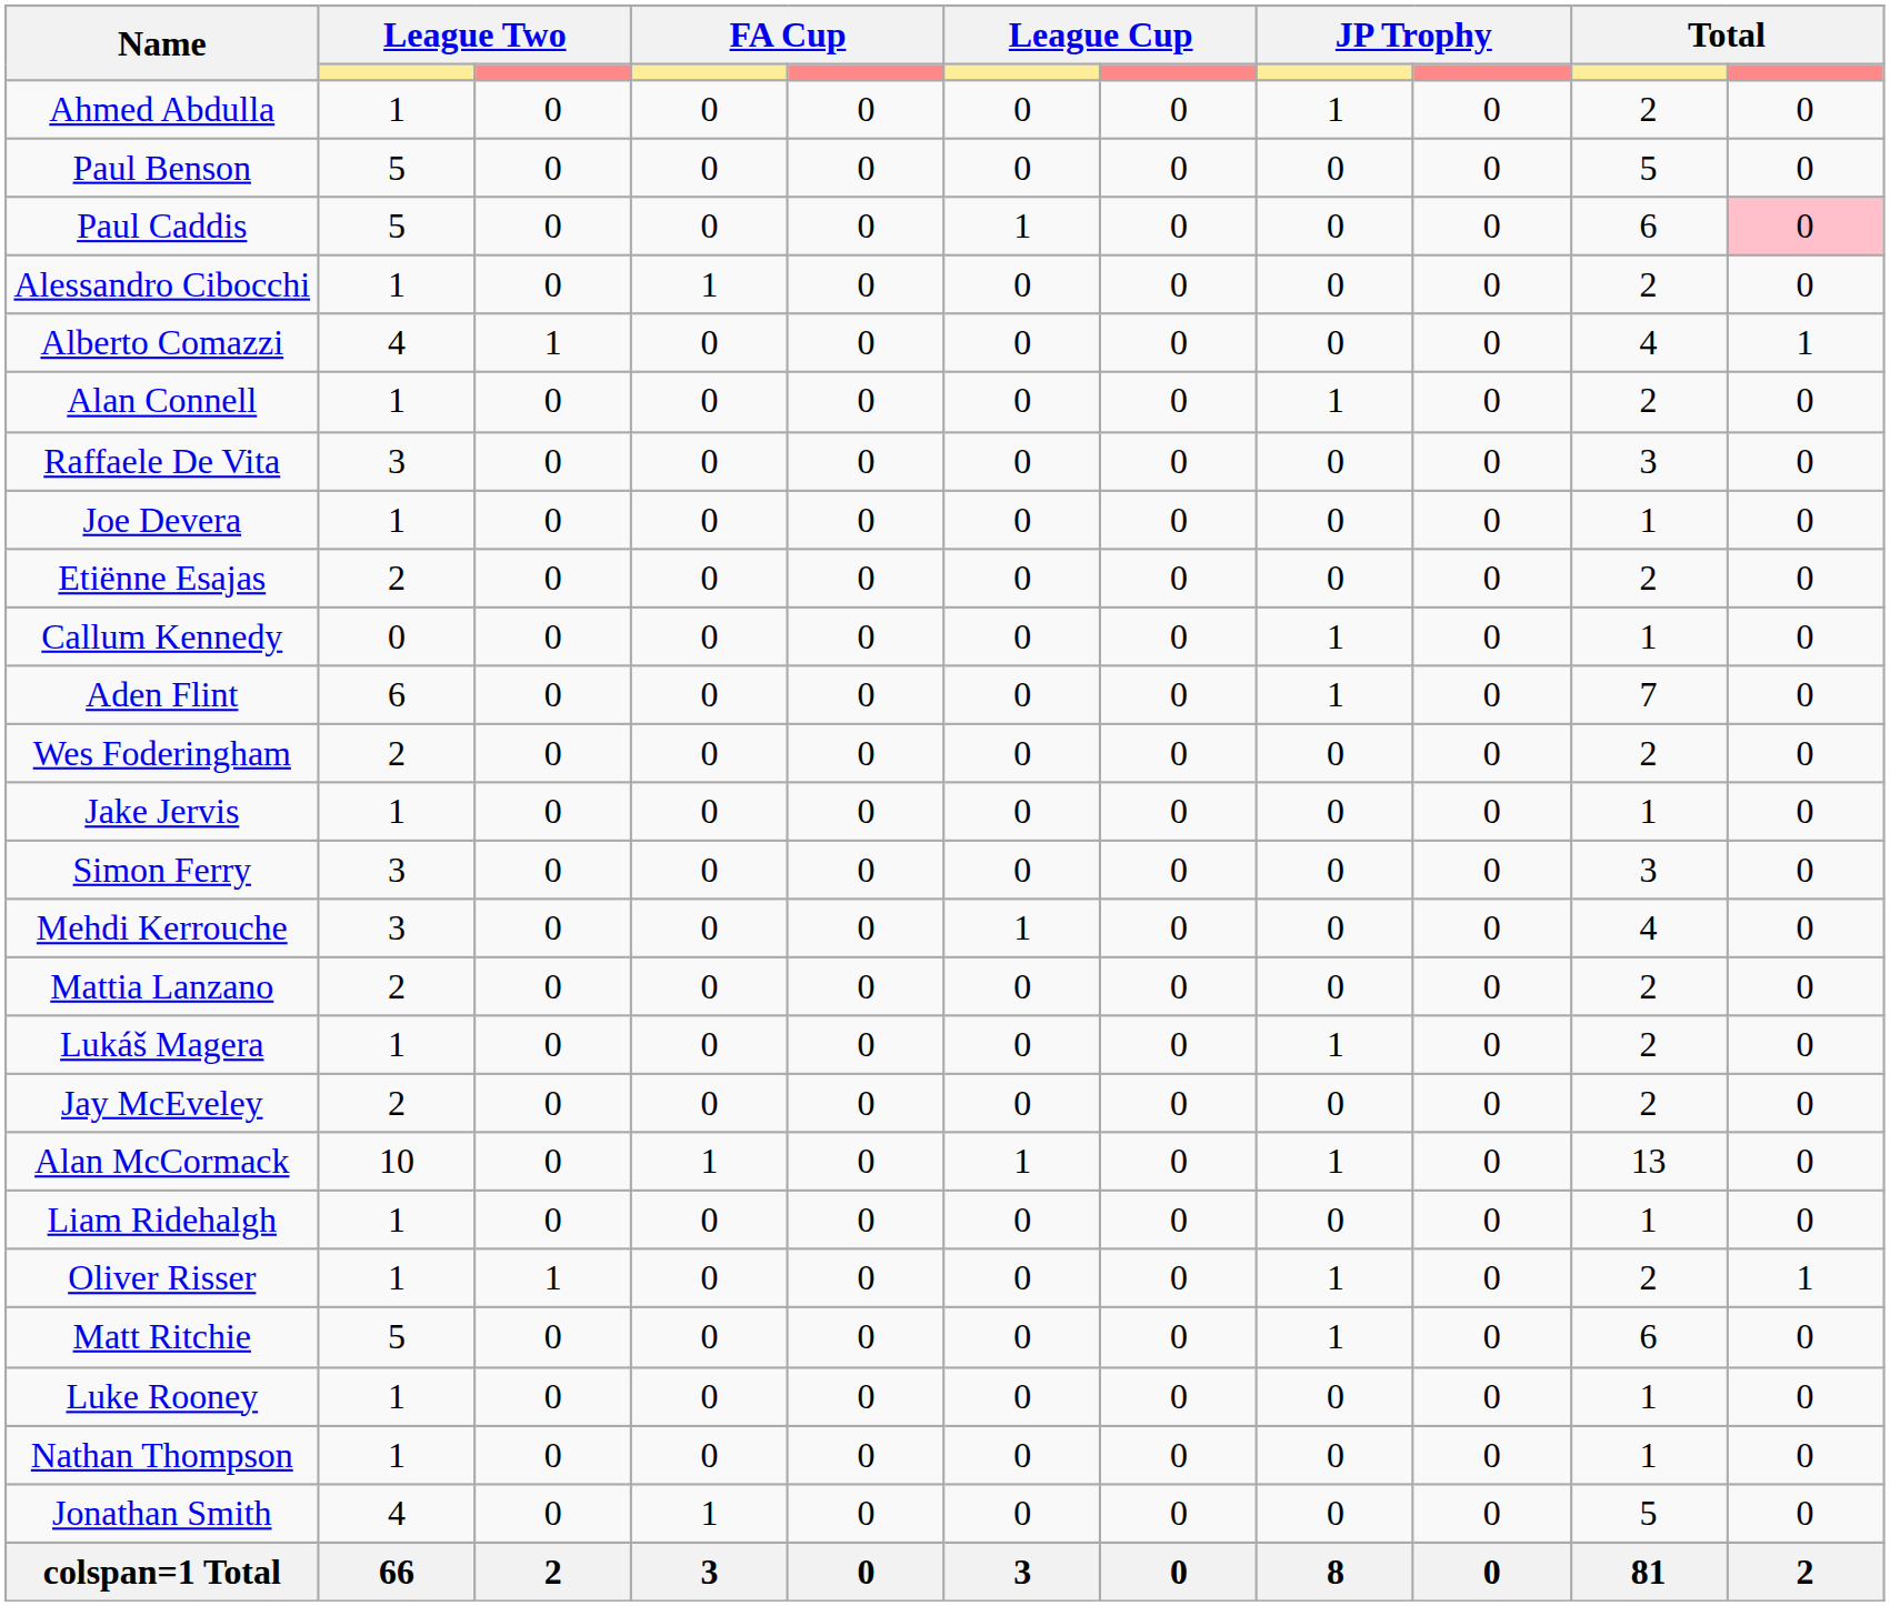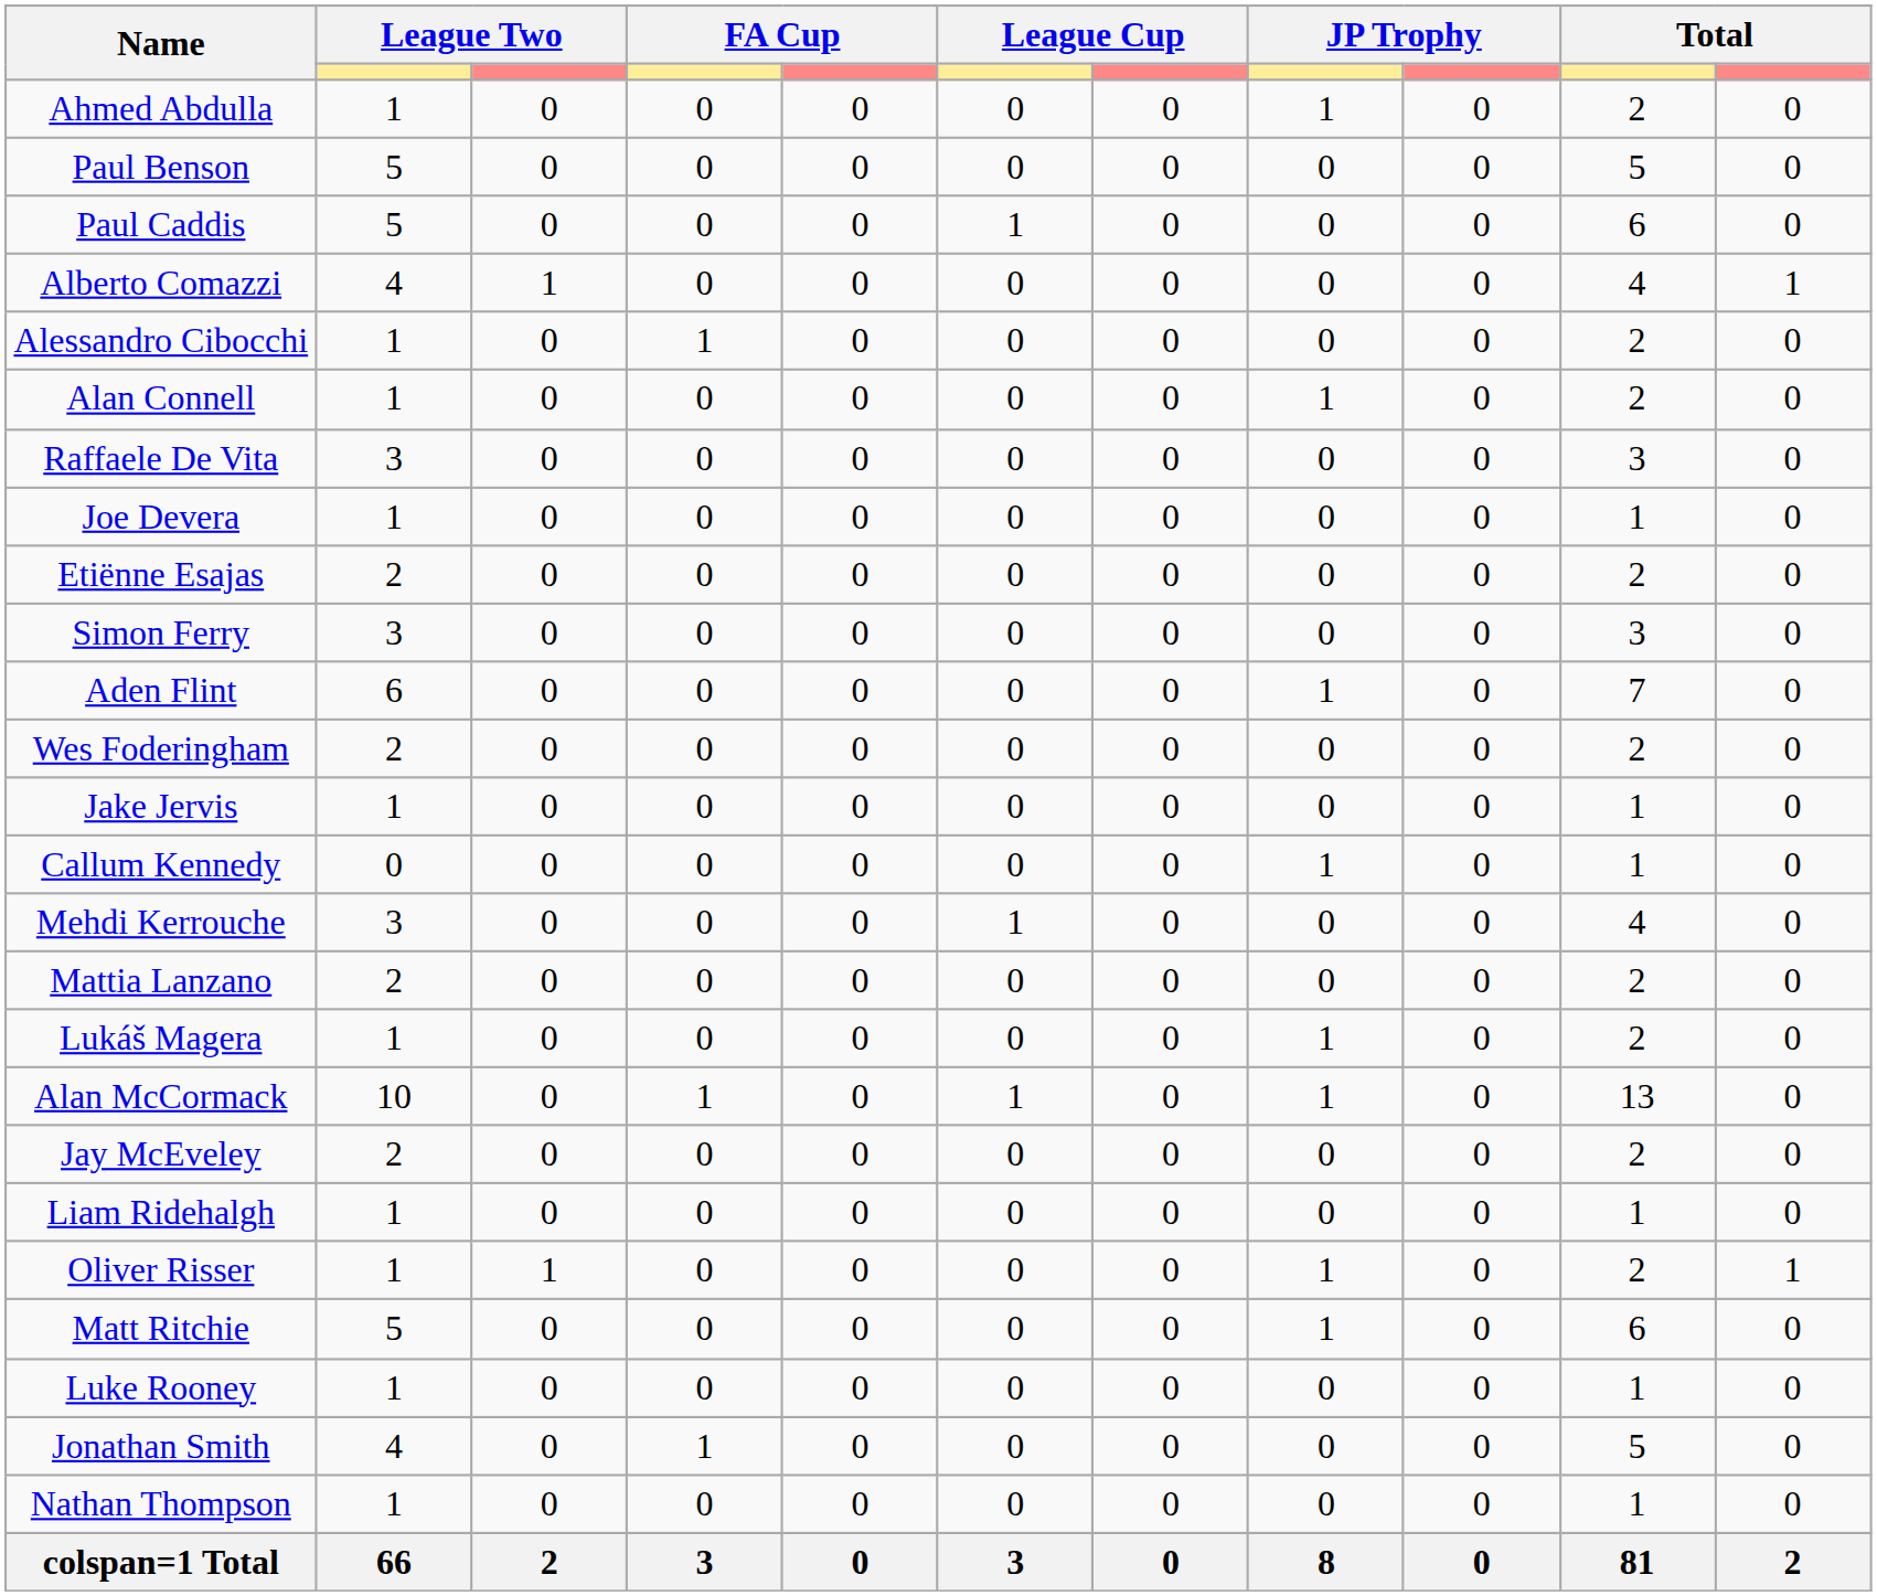 <table class="wikitable" style="font-size: 95%; text-align: center;">
 <tr>
 <th rowspan=2>Name</th>
 <th colspan=2><a href='#'>League Two</a></th>
 <th colspan=2><a href='#'>FA Cup</a></th>
 <th colspan=2><a href='#'>League Cup</a></th>
 <th colspan=2><a href='#'>JP Trophy</a></th>
 <th colspan=2>Total</th>
 </tr>
 <tr>
 <th style="width:60px; background:#fe9;"></th>
 <th style="width:60px; background:#ff8888;"></th>
 <th style="width:60px; background:#fe9;"></th>
 <th style="width:60px; background:#ff8888;"></th>
 <th style="width:60px; background:#fe9;"></th>
 <th style="width:60px; background:#ff8888;"></th>
 <th style="width:60px; background:#fe9;"></th>
 <th style="width:60px; background:#ff8888;"></th>
 <th style="width:60px; background:#fe9;"></th>
 <th style="width:60px; background:#ff8888;"></th>
 </tr>
 <tr>
 <td><a href='#'>Ahmed Abdulla</a></td>
 <td>1</td>
 <td>0</td>
 <td>0</td>
 <td>0</td>
 <td>0</td>
 <td>0</td>
 <td>1</td>
 <td>0</td>
 <td>2</td>
 <td>0</td>
 </tr>
 <tr>
 <td><a href='#'>Paul Benson</a></td>
 <td>5</td>
 <td>0</td>
 <td>0</td>
 <td>0</td>
 <td>0</td>
 <td>0</td>
 <td>0</td>
 <td>0</td>
 <td>5</td>
 <td>0</td>
 </tr>
 <tr>
 <td><a href='#'>Paul Caddis</a></td>
 <td>5</td>
 <td>0</td>
 <td>0</td>
 <td>0</td>
 <td>1</td>
 <td>0</td>
 <td>0</td>
 <td>0</td>
 <td>6</td>
-<td style="background: pink;">0</td>
-</tr>
-<tr>
-<td><a href='#'>Alessandro Cibocchi</a></td>
-<td>1</td>
-<td>0</td>
-<td>1</td>
-<td>0</td>
-<td>0</td>
-<td>0</td>
-<td>0</td>
-<td>0</td>
-<td>2</td>
 <td>0</td>
 </tr>
 <tr>
 <td><a href='#'>Alberto Comazzi</a></td>
 <td>4</td>
 <td>1</td>
 <td>0</td>
 <td>0</td>
 <td>0</td>
 <td>0</td>
 <td>0</td>
 <td>0</td>
 <td>4</td>
 <td>1</td>
+</tr>
+<tr>
+<td><a href='#'>Alessandro Cibocchi</a></td>
+<td>1</td>
+<td>0</td>
+<td>1</td>
+<td>0</td>
+<td>0</td>
+<td>0</td>
+<td>0</td>
+<td>0</td>
+<td>2</td>
+<td>0</td>
 </tr>
 <tr>
 <td><a href='#'>Alan Connell</a></td>
 <td>1</td>
 <td>0</td>
 <td>0</td>
 <td>0</td>
 <td>0</td>
 <td>0</td>
 <td>1</td>
 <td>0</td>
 <td>2</td>
 <td>0</td>
 </tr>
 <tr>
 <td><a href='#'>Raffaele De Vita</a></td>
 <td>3</td>
 <td>0</td>
 <td>0</td>
 <td>0</td>
 <td>0</td>
 <td>0</td>
 <td>0</td>
 <td>0</td>
 <td>3</td>
 <td>0</td>
 </tr>
 <tr>
 <td><a href='#'>Joe Devera</a></td>
 <td>1</td>
 <td>0</td>
 <td>0</td>
 <td>0</td>
 <td>0</td>
 <td>0</td>
 <td>0</td>
 <td>0</td>
 <td>1</td>
 <td>0</td>
 </tr>
 <tr>
 <td><a href='#'>Etiënne Esajas</a></td>
 <td>2</td>
 <td>0</td>
 <td>0</td>
 <td>0</td>
 <td>0</td>
 <td>0</td>
 <td>0</td>
 <td>0</td>
 <td>2</td>
 <td>0</td>
 </tr>
 <tr>
-<td><a href='#'>Callum Kennedy</a></td>
+<td><a href='#'>Simon Ferry</a></td>
+<td>3</td>
 <td>0</td>
 <td>0</td>
 <td>0</td>
 <td>0</td>
 <td>0</td>
 <td>0</td>
-<td>1</td>
 <td>0</td>
-<td>1</td>
+<td>3</td>
 <td>0</td>
 </tr>
 <tr>
 <td><a href='#'>Aden Flint</a></td>
 <td>6</td>
 <td>0</td>
 <td>0</td>
 <td>0</td>
 <td>0</td>
 <td>0</td>
 <td>1</td>
 <td>0</td>
 <td>7</td>
 <td>0</td>
 </tr>
 <tr>
 <td><a href='#'>Wes Foderingham</a></td>
 <td>2</td>
 <td>0</td>
 <td>0</td>
 <td>0</td>
 <td>0</td>
 <td>0</td>
 <td>0</td>
 <td>0</td>
 <td>2</td>
 <td>0</td>
 </tr>
 <tr>
 <td><a href='#'>Jake Jervis</a></td>
 <td>1</td>
 <td>0</td>
 <td>0</td>
 <td>0</td>
 <td>0</td>
 <td>0</td>
 <td>0</td>
 <td>0</td>
 <td>1</td>
 <td>0</td>
 </tr>
 <tr>
-<td><a href='#'>Simon Ferry</a></td>
-<td>3</td>
+<td><a href='#'>Callum Kennedy</a></td>
 <td>0</td>
 <td>0</td>
 <td>0</td>
 <td>0</td>
 <td>0</td>
 <td>0</td>
+<td>1</td>
 <td>0</td>
-<td>3</td>
+<td>1</td>
 <td>0</td>
 </tr>
 <tr>
 <td><a href='#'>Mehdi Kerrouche</a></td>
 <td>3</td>
 <td>0</td>
 <td>0</td>
 <td>0</td>
 <td>1</td>
 <td>0</td>
 <td>0</td>
 <td>0</td>
 <td>4</td>
 <td>0</td>
 </tr>
 <tr>
 <td><a href='#'>Mattia Lanzano</a></td>
 <td>2</td>
 <td>0</td>
 <td>0</td>
 <td>0</td>
 <td>0</td>
 <td>0</td>
 <td>0</td>
 <td>0</td>
 <td>2</td>
 <td>0</td>
 </tr>
 <tr>
 <td><a href='#'>Lukáš Magera</a></td>
 <td>1</td>
 <td>0</td>
 <td>0</td>
 <td>0</td>
 <td>0</td>
 <td>0</td>
 <td>1</td>
 <td>0</td>
 <td>2</td>
 <td>0</td>
 </tr>
 <tr>
+<td><a href='#'>Alan McCormack</a></td>
+<td>10</td>
+<td>0</td>
+<td>1</td>
+<td>0</td>
+<td>1</td>
+<td>0</td>
+<td>1</td>
+<td>0</td>
+<td>13</td>
+<td>0</td>
+</tr>
+<tr>
 <td><a href='#'>Jay McEveley</a></td>
 <td>2</td>
 <td>0</td>
 <td>0</td>
 <td>0</td>
 <td>0</td>
 <td>0</td>
 <td>0</td>
 <td>0</td>
 <td>2</td>
-<td>0</td>
-</tr>
-<tr>
-<td><a href='#'>Alan McCormack</a></td>
-<td>10</td>
-<td>0</td>
-<td>1</td>
-<td>0</td>
-<td>1</td>
-<td>0</td>
-<td>1</td>
-<td>0</td>
-<td>13</td>
 <td>0</td>
 </tr>
 <tr>
 <td><a href='#'>Liam Ridehalgh</a></td>
 <td>1</td>
 <td>0</td>
 <td>0</td>
 <td>0</td>
 <td>0</td>
 <td>0</td>
 <td>0</td>
 <td>0</td>
 <td>1</td>
 <td>0</td>
 </tr>
 <tr>
 <td><a href='#'>Oliver Risser</a></td>
 <td>1</td>
 <td>1</td>
 <td>0</td>
 <td>0</td>
 <td>0</td>
 <td>0</td>
 <td>1</td>
 <td>0</td>
 <td>2</td>
 <td>1</td>
 </tr>
 <tr>
 <td><a href='#'>Matt Ritchie</a></td>
 <td>5</td>
 <td>0</td>
 <td>0</td>
 <td>0</td>
 <td>0</td>
 <td>0</td>
 <td>1</td>
 <td>0</td>
 <td>6</td>
 <td>0</td>
 </tr>
 <tr>
 <td><a href='#'>Luke Rooney</a></td>
 <td>1</td>
 <td>0</td>
 <td>0</td>
 <td>0</td>
 <td>0</td>
 <td>0</td>
 <td>0</td>
 <td>0</td>
 <td>1</td>
 <td>0</td>
 </tr>
 <tr>
+<td><a href='#'>Jonathan Smith</a></td>
+<td>4</td>
+<td>0</td>
+<td>1</td>
+<td>0</td>
+<td>0</td>
+<td>0</td>
+<td>0</td>
+<td>0</td>
+<td>5</td>
+<td>0</td>
+</tr>
+<tr>
 <td><a href='#'>Nathan Thompson</a></td>
 <td>1</td>
 <td>0</td>
 <td>0</td>
 <td>0</td>
 <td>0</td>
 <td>0</td>
 <td>0</td>
 <td>0</td>
 <td>1</td>
-<td>0</td>
-</tr>
-<tr>
-<td><a href='#'>Jonathan Smith</a></td>
-<td>4</td>
-<td>0</td>
-<td>1</td>
-<td>0</td>
-<td>0</td>
-<td>0</td>
-<td>0</td>
-<td>0</td>
-<td>5</td>
 <td>0</td>
 </tr>
 <tr>
 <th>colspan=1 Total</th>
 <th>66</th>
 <th>2</th>
 <th>3</th>
 <th>0</th>
 <th>3</th>
 <th>0</th>
 <th>8</th>
 <th>0</th>
 <th>81</th>
 <th>2</th>
 </tr>
 </table>
